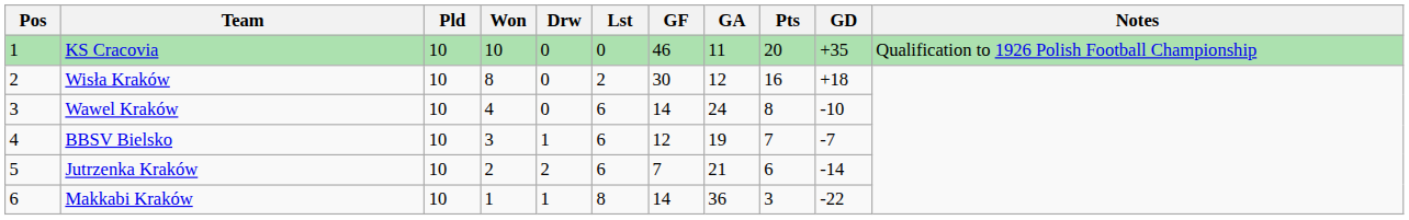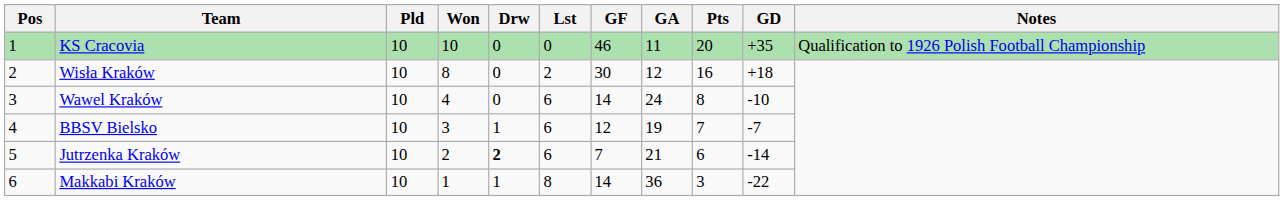 <table class="wikitable" width=70% style="font-size:90%">
 <tr>
 <th width=4%><strong>Pos</strong></th>
 <th width=26%><strong>Team</strong></th>
 <th width=4%><strong>Pld</strong></th>
 <th width=4%><strong>Won</strong></th>
 <th width=4%><strong>Drw</strong></th>
 <th width=4%><strong>Lst</strong></th>
 <th width=4%><strong>GF</strong></th>
 <th width=4%><strong>GA</strong></th>
 <th width=4%><strong>Pts</strong></th>
 <th width=4%><strong>GD</strong></th>
 <th width=38%><strong>Notes</strong></th>
 </tr>
 <tr bgcolor=#ACE1AF>
 <td>1</td>
 <td><a href='#'>KS Cracovia</a></td>
 <td>10</td>
 <td>10</td>
 <td>0</td>
 <td>0</td>
 <td>46</td>
 <td>11</td>
 <td>20</td>
 <td>+35</td>
 <td rowspan=1>Qualification to <a href='#'>1926 Polish Football Championship</a></td>
 </tr>
 <tr>
 <td>2</td>
 <td><a href='#'>Wisła Kraków</a></td>
 <td>10</td>
 <td>8</td>
 <td>0</td>
 <td>2</td>
 <td>30</td>
 <td>12</td>
 <td>16</td>
 <td>+18</td>
 </tr>
 <tr>
 <td>3</td>
 <td><a href='#'>Wawel Kraków</a></td>
 <td>10</td>
 <td>4</td>
 <td>0</td>
 <td>6</td>
 <td>14</td>
 <td>24</td>
 <td>8</td>
 <td>-10</td>
 </tr>
 <tr>
 <td>4</td>
 <td><a href='#'>BBSV Bielsko</a></td>
 <td>10</td>
 <td>3</td>
 <td>1</td>
 <td>6</td>
 <td>12</td>
 <td>19</td>
 <td>7</td>
 <td>-7</td>
 </tr>
 <tr>
 <td>5</td>
 <td><a href='#'>Jutrzenka Kraków</a></td>
 <td>10</td>
 <td>2</td>
-<td>2</td>
+<td><strong>2</strong></td>
 <td>6</td>
 <td>7</td>
 <td>21</td>
 <td>6</td>
 <td>-14</td>
 </tr>
 <tr>
 <td>6</td>
 <td><a href='#'>Makkabi Kraków</a></td>
 <td>10</td>
 <td>1</td>
 <td>1</td>
 <td>8</td>
 <td>14</td>
 <td>36</td>
 <td>3</td>
 <td>-22</td>
 </tr>
 </table>
